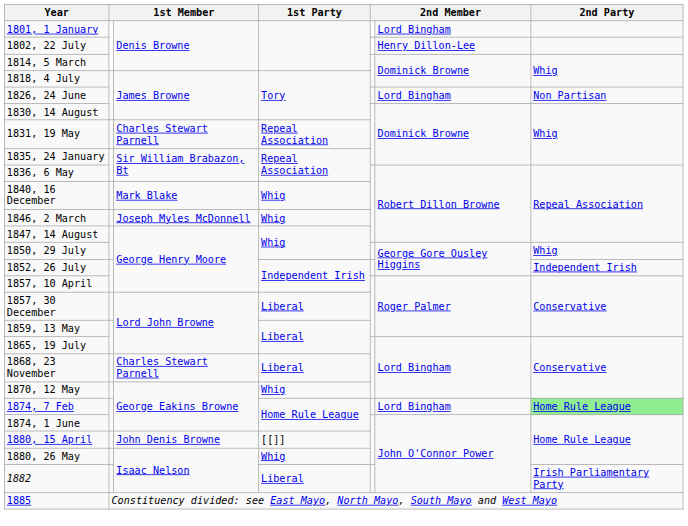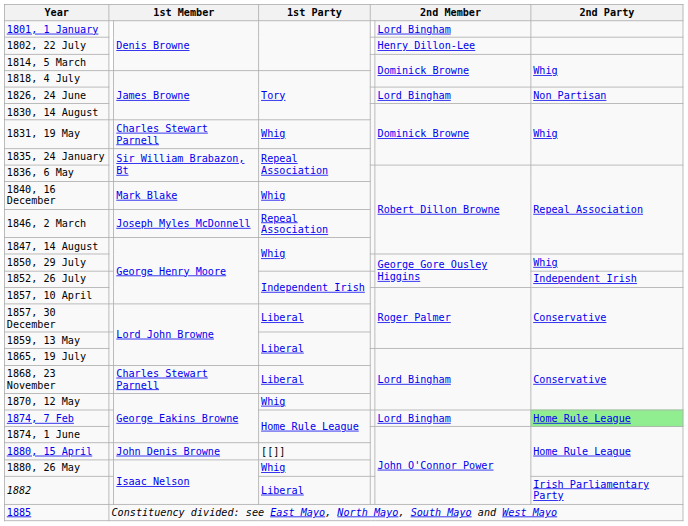 <table class="wikitable">
 <tr>
 <th>Year</th>
 <th colspan="2">1st Member</th>
 <th>1st Party</th>
 <th colspan="2">2nd Member</th>
 <th>2nd Party</th>
 </tr>
 <tr>
 <td><a href='#'>1801, 1 January</a></td>
 <td rowspan="3" style="color:inherit;background-color: white"></td>
 <td rowspan="3"><a href='#'>Denis Browne</a>     </td>
 <td rowspan="3"></td>
 <td style="color:inherit;background-color: white"></td>
 <td><a href='#'>Lord Bingham</a> </td>
 <td></td>
 </tr>
 <tr>
 <td>1802, 22 July</td>
 <td style="color:inherit;background-color: white"></td>
 <td><a href='#'>Henry Dillon-Lee</a> </td>
 <td></td>
 </tr>
 <tr>
 <td>1814, 5 March</td>
 <td rowspan="2" style="color:inherit;background-color: "></td>
 <td rowspan="2"><a href='#'>Dominick Browne</a> </td>
 <td rowspan="2"><a href='#'>Whig</a></td>
 </tr>
 <tr>
 <td>1818, 4 July</td>
 <td rowspan="3" style="color:inherit;background-color: "></td>
 <td rowspan="3"><a href='#'>James Browne</a>      </td>
 <td rowspan="3"><a href='#'>Tory</a></td>
 </tr>
 <tr>
 <td>1826, 24 June</td>
 <td style="color:inherit;background-color: "></td>
 <td><a href='#'>Lord Bingham</a> </td>
 <td><a href='#'>Non Partisan</a></td>
 </tr>
 <tr>
 <td>1830, 14 August</td>
 <td rowspan="3" style="color:inherit;background-color: "></td>
 <td rowspan="3"><a href='#'>Dominick Browne</a> </td>
 <td rowspan="3"><a href='#'>Whig</a></td>
 </tr>
 <tr>
 <td>1831, 19 May</td>
 <td style="color:inherit;background-color: "></td>
 <td><a href='#'>Charles Stewart Parnell</a>  </td>
-<td><a href='#'>Repeal Association</a></td>
+<td><a href='#'>Whig</a></td>
 </tr>
 <tr>
 <td>1835, 24 January</td>
 <td rowspan="2" style="color:inherit;background-color: "></td>
 <td rowspan="2"><a href='#'>Sir William Brabazon, Bt</a>      </td>
 <td rowspan="2"><a href='#'>Repeal Association</a></td>
 </tr>
 <tr>
 <td>1836, 6 May</td>
 <td rowspan="4" style="color:inherit;background-color: "></td>
 <td rowspan="4"><a href='#'>Robert Dillon Browne</a>     </td>
 <td rowspan="4"><a href='#'>Repeal Association</a></td>
 </tr>
 <tr>
 <td>1840, 16 December</td>
 <td style="color:inherit;background-color: "></td>
 <td><a href='#'>Mark Blake</a>  </td>
 <td><a href='#'>Whig</a></td>
 </tr>
 <tr>
 <td>1846, 2 March</td>
 <td style="color:inherit;background-color: "></td>
 <td><a href='#'>Joseph Myles McDonnell</a></td>
-<td><a href='#'>Whig</a></td>
+<td><a href='#'>Repeal Association</a></td>
 </tr>
 <tr>
 <td>1847, 14 August</td>
 <td rowspan="2" style="color:inherit;background-color: "></td>
 <td rowspan="4"><a href='#'>George Henry Moore</a>     </td>
 <td rowspan="2"><a href='#'>Whig</a></td>
 </tr>
 <tr>
 <td>1850, 29 July</td>
 <td style="color:inherit;background-color: "></td>
 <td rowspan="2"><a href='#'>George Gore Ousley Higgins</a>  </td>
 <td><a href='#'>Whig</a></td>
 </tr>
 <tr>
 <td>1852, 26 July</td>
 <td rowspan="2" style="color:inherit;background-color: "></td>
 <td rowspan="2"><a href='#'>Independent Irish</a></td>
 <td style="color:inherit;background-color: "></td>
 <td><a href='#'>Independent Irish</a></td>
 </tr>
 <tr>
 <td>1857, 10 April</td>
 <td rowspan="3" style="color:inherit;background-color: "></td>
 <td rowspan="3"><a href='#'>Roger Palmer</a>      </td>
 <td rowspan="3"><a href='#'>Conservative</a></td>
 </tr>
 <tr>
 <td>1857, 30 December</td>
 <td style="color:inherit;background-color: "></td>
 <td rowspan="3"><a href='#'>Lord John Browne</a> </td>
 <td><a href='#'>Liberal</a></td>
 </tr>
 <tr>
 <td>1859, 13 May</td>
 <td rowspan="2" style="color:inherit;background-color: "></td>
 <td rowspan="2"><a href='#'>Liberal</a></td>
 </tr>
 <tr>
 <td>1865, 19 July</td>
 <td rowspan="3" style="color:inherit;background-color: "></td>
 <td rowspan="3"><a href='#'>Lord Bingham</a> </td>
 <td rowspan="3"><a href='#'>Conservative</a></td>
 </tr>
 <tr>
 <td>1868, 23 November</td>
 <td style="color:inherit;background-color: "></td>
 <td><a href='#'>Charles Stewart Parnell</a>  </td>
 <td><a href='#'>Liberal</a></td>
 </tr>
 <tr>
 <td>1870, 12 May</td>
 <td style="color:inherit;background-color: "></td>
 <td rowspan="3"><a href='#'>George Eakins Browne</a>  </td>
 <td><a href='#'>Whig</a></td>
 </tr>
 <tr>
 <td><a href='#'>1874, 7 Feb</a></td>
 <td rowspan="2" style="color:inherit;background-color: "></td>
 <td rowspan="2"><a href='#'>Home Rule League</a></td>
 <td style="color:inherit;background-color: "></td>
 <td><a href='#'>Lord Bingham</a> </td>
 <td style="background: lightgreen;"><a href='#'>Home Rule League</a></td>
 </tr>
 <tr>
 <td>1874, 1 June</td>
 <td rowspan="3" style="color:inherit;background-color: "></td>
 <td rowspan="4"><a href='#'>John O'Connor Power</a>   	</td>
 <td rowspan="3"><a href='#'>Home Rule League</a></td>
 </tr>
 <tr>
 <td><a href='#'>1880, 15 April</a></td>
 <td style="color:inherit;background-color: "></td>
 <td><a href='#'>John Denis Browne</a>  </td>
 <td>[[]]</td>
 </tr>
 <tr>
 <td>1880, 26 May</td>
 <td style="color:inherit;background-color: "></td>
 <td rowspan="2"><a href='#'>Isaac Nelson</a>  </td>
 <td><a href='#'>Whig</a></td>
 </tr>
 <tr>
 <td><em>1882</em></td>
 <td style="color:inherit;background-color: "></td>
 <td><a href='#'>Liberal</a></td>
 <td style="color:inherit;background-color: "></td>
 <td><a href='#'>Irish Parliamentary Party</a></td>
 </tr>
 <tr>
 <td><a href='#'>1885</a></td>
 <td colspan="6"><em>Constituency divided: see <a href='#'>East Mayo</a>, <a href='#'>North Mayo</a>, <a href='#'>South Mayo</a> and <a href='#'>West Mayo</a></em></td>
 </tr>
 </table>
